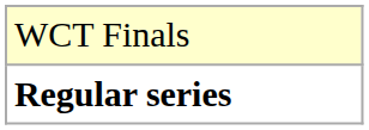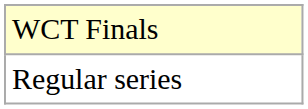 <table class="wikitable" style="font-size:95%;" width=12%>
 <tr bgcolor="#ffffcc">
 <td>WCT Finals</td>
 </tr>
 <tr bgcolor="#ffffff">
-<td><strong>Regular series</strong></td>
+<td>Regular series</td>
 </tr>
 </table>
